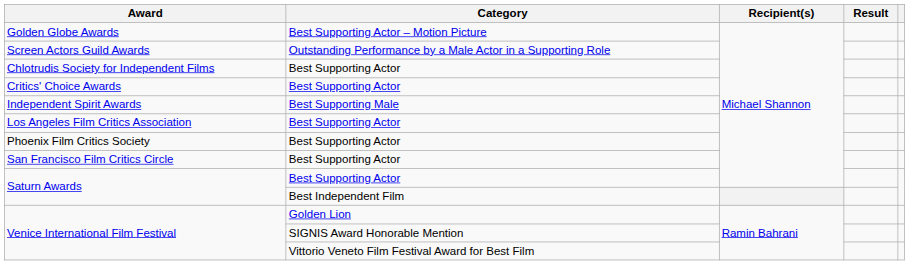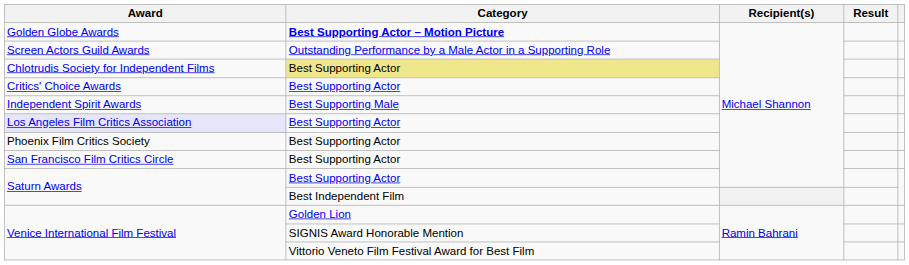 <table class="wikitable sortable" style="width: 99%;">
 <tr>
 <th scope="col">Award</th>
 <th scope="col">Category</th>
 <th scope="col">Recipient(s)</th>
 <th scope="col">Result</th>
 <th scope="col" class="unsortable"></th>
 </tr>
 <tr>
 <td><a href='#'>Golden Globe Awards</a></td>
-<td><a href='#'>Best Supporting Actor – Motion Picture</a></td>
+<td><strong><a href='#'>Best Supporting Actor – Motion Picture</a></strong></td>
 <td rowspan=9><a href='#'>Michael Shannon</a></td>
 <td></td>
 <td></td>
 </tr>
 <tr>
 <td><a href='#'>Screen Actors Guild Awards</a></td>
 <td><a href='#'>Outstanding Performance by a Male Actor in a Supporting Role</a></td>
 <td></td>
 <td></td>
 </tr>
 <tr>
 <td><a href='#'>Chlotrudis Society for Independent Films</a></td>
-<td>Best Supporting Actor</td>
+<td style="background: khaki;">Best Supporting Actor</td>
 <td></td>
 <td></td>
 </tr>
 <tr>
 <td><a href='#'>Critics' Choice Awards</a></td>
 <td><a href='#'>Best Supporting Actor</a></td>
 <td></td>
 <td></td>
 </tr>
 <tr>
 <td><a href='#'>Independent Spirit Awards</a></td>
 <td><a href='#'>Best Supporting Male</a></td>
 <td></td>
 <td></td>
 </tr>
 <tr>
-<td><a href='#'>Los Angeles Film Critics Association</a></td>
+<td style="background: lavender;"><a href='#'>Los Angeles Film Critics Association</a></td>
 <td><a href='#'>Best Supporting Actor</a></td>
 <td></td>
 <td></td>
 </tr>
 <tr>
 <td>Phoenix Film Critics Society</td>
 <td>Best Supporting Actor</td>
 <td></td>
 <td></td>
 </tr>
 <tr>
 <td><a href='#'>San Francisco Film Critics Circle</a></td>
 <td>Best Supporting Actor</td>
 <td></td>
 <td></td>
 </tr>
 <tr>
 <td rowspan="2"><a href='#'>Saturn Awards</a></td>
 <td><a href='#'>Best Supporting Actor</a></td>
 <td></td>
 <td rowspan="2"></td>
 </tr>
 <tr>
 <td>Best Independent Film</td>
 <th></th>
 <td></td>
 </tr>
 <tr>
 <td rowspan=3><a href='#'>Venice International Film Festival</a></td>
 <td><a href='#'>Golden Lion</a></td>
 <td rowspan=3><a href='#'>Ramin Bahrani</a></td>
 <td></td>
 <td></td>
 </tr>
 <tr>
 <td>SIGNIS Award Honorable Mention</td>
 <td></td>
 <td></td>
 </tr>
 <tr>
 <td>Vittorio Veneto Film Festival Award for Best Film</td>
 <td></td>
 <td></td>
 </tr>
 </table>
